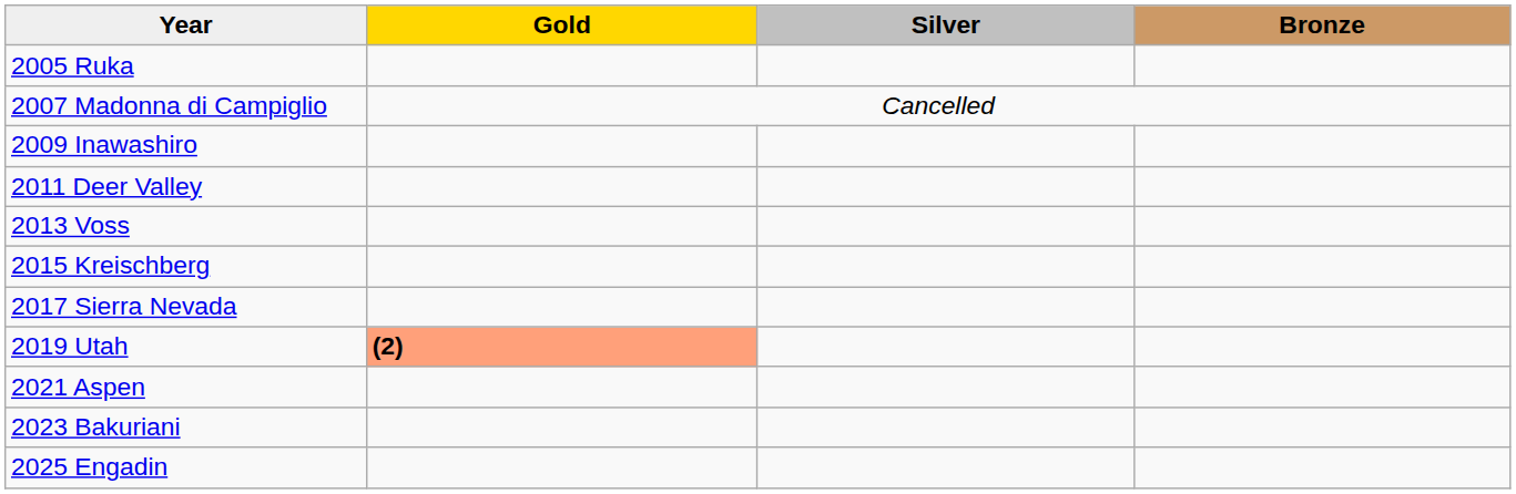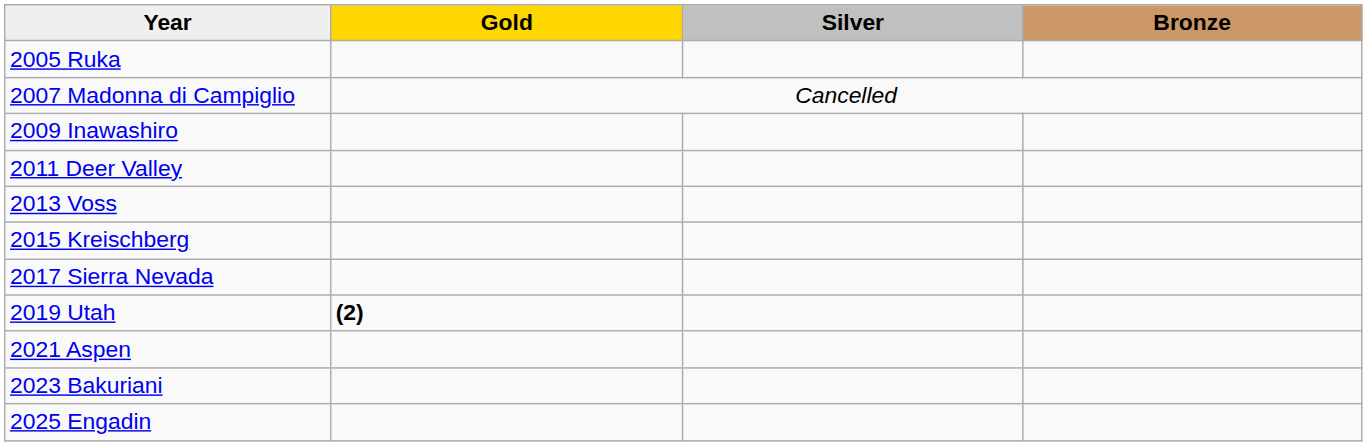 <table class="wikitable sortable" style="width:950px;">
 <tr>
 <th style="width:24%; background:#efefef;">Year</th>
 <th style="width:26%; background:gold">Gold</th>
 <th style="width:25%; background:silver">Silver</th>
 <th style="width:25%; background:#CC9966">Bronze</th>
 </tr>
 <tr>
 <td><a href='#'>2005 Ruka</a></td>
 <td></td>
 <td></td>
 <td></td>
 </tr>
 <tr>
 <td><a href='#'>2007 Madonna di Campiglio</a></td>
 <td align=center colspan=3><em>Cancelled</em></td>
 </tr>
 <tr>
 <td><a href='#'>2009 Inawashiro</a></td>
 <td></td>
 <td></td>
 <td></td>
 </tr>
 <tr>
 <td><a href='#'>2011 Deer Valley</a></td>
 <td></td>
 <td></td>
 <td></td>
 </tr>
 <tr>
 <td><a href='#'>2013 Voss</a></td>
 <td></td>
 <td></td>
 <td></td>
 </tr>
 <tr>
 <td><a href='#'>2015 Kreischberg</a></td>
 <td></td>
 <td></td>
 <td></td>
 </tr>
 <tr>
 <td><a href='#'>2017 Sierra Nevada</a></td>
 <td></td>
 <td></td>
 <td></td>
 </tr>
 <tr>
 <td><a href='#'>2019 Utah</a></td>
-<td style="background: lightsalmon;"> <strong>(2)</strong></td>
+<td> <strong>(2)</strong></td>
 <td></td>
 <td></td>
 </tr>
 <tr>
 <td><a href='#'>2021 Aspen</a></td>
 <td></td>
 <td></td>
 <td></td>
 </tr>
 <tr>
 <td><a href='#'>2023 Bakuriani</a></td>
 <td></td>
 <td></td>
 <td></td>
 </tr>
 <tr>
 <td><a href='#'>2025 Engadin</a></td>
 <td></td>
 <td></td>
 <td></td>
 </tr>
 </table>
